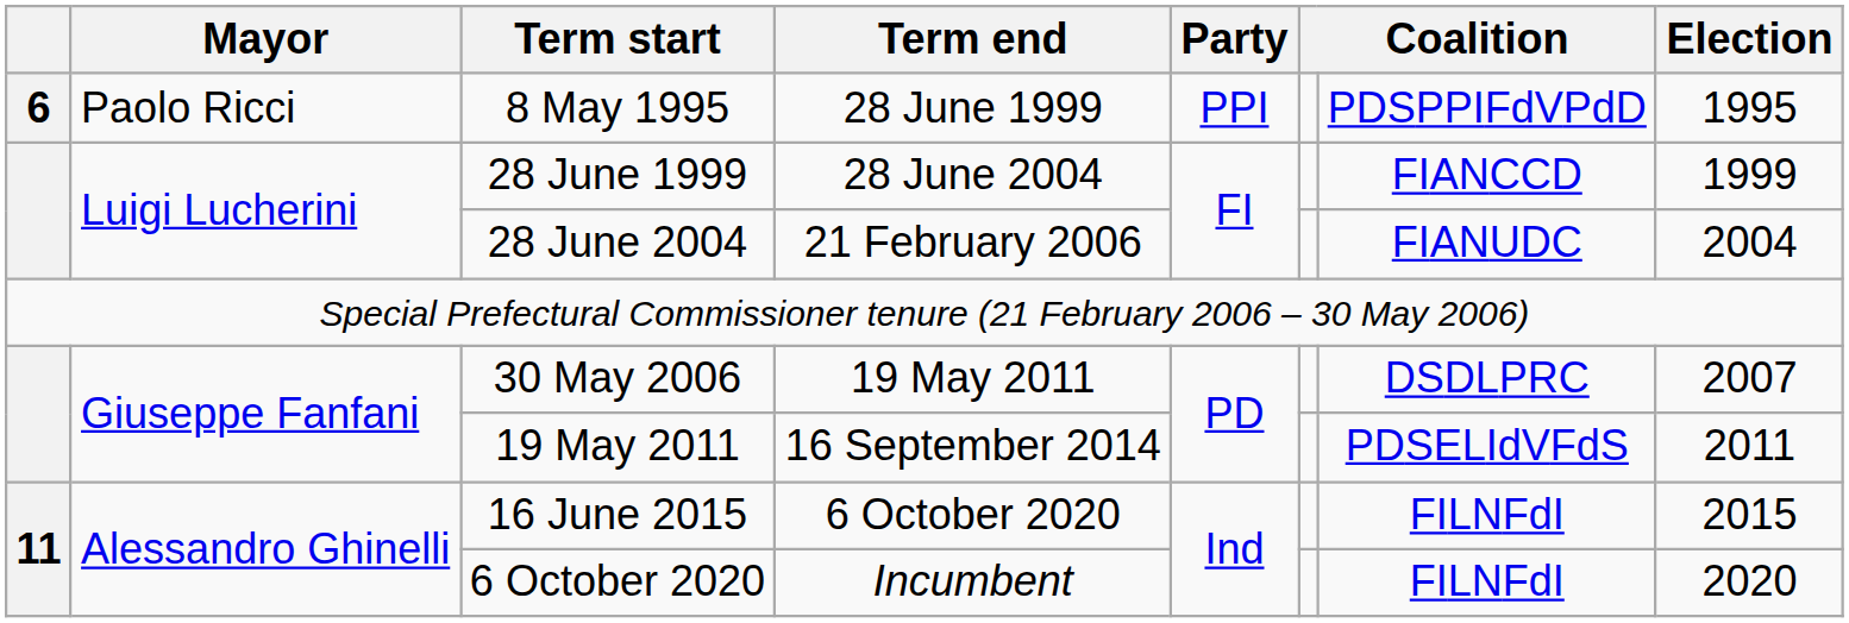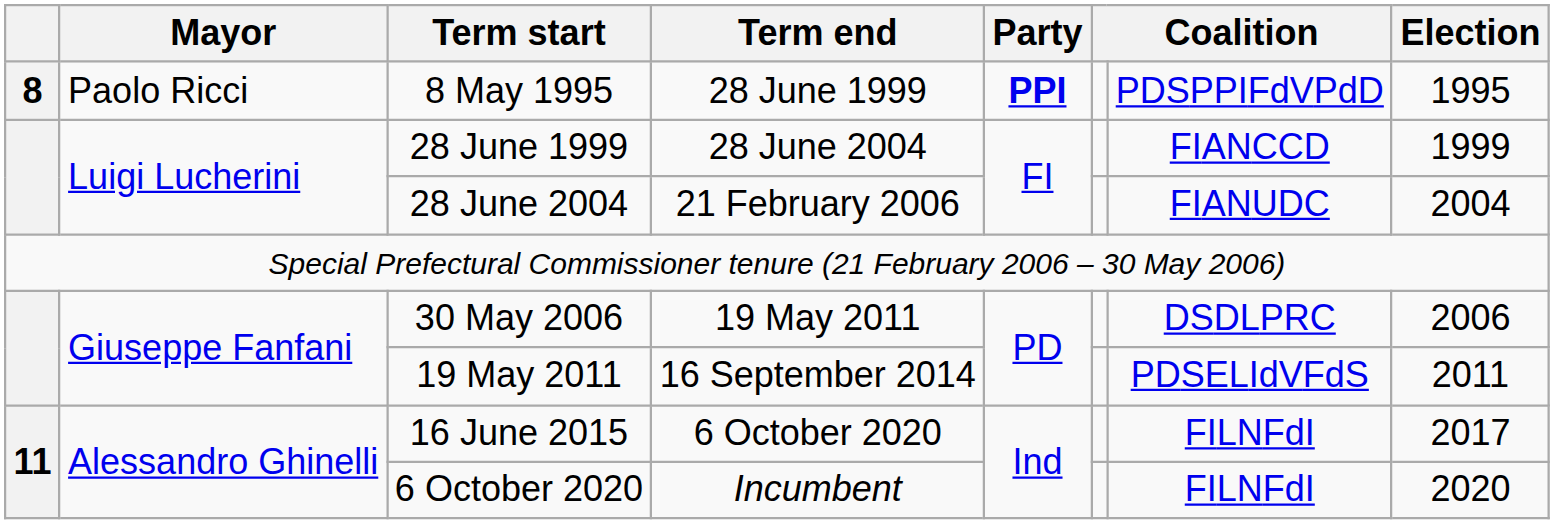 <table class="wikitable">
 <tr>
 <th class=unsortable> </th>
 <th>Mayor</th>
 <th>Term start</th>
 <th>Term end</th>
 <th>Party</th>
 <th colspan="2">Coalition</th>
 <th>Election</th>
 </tr>
 <tr>
-<th style="background:"><strong>6</strong></th>
+<th style="background:"><strong>8</strong></th>
 <td>Paolo Ricci</td>
 <td align=center>8 May 1995</td>
 <td align=center>28 June 1999</td>
-<td align=center><a href='#'>PPI</a></td>
+<td align=center><strong><a href='#'>PPI</a></strong></td>
 <td style="background: "></td>
 <td align=center><a href='#'>PDS</a><a href='#'>PPI</a><a href='#'>FdV</a><a href='#'>PdD</a></td>
 <td align=center>1995</td>
 </tr>
 <tr>
 <th rowspan=2 style="background:"></th>
 <td rowspan=2><a href='#'>Luigi Lucherini</a></td>
 <td align=center>28 June 1999</td>
 <td align=center>28 June 2004</td>
 <td rowspan=2 align=center><a href='#'>FI</a></td>
 <td style="background: "></td>
 <td align=center><a href='#'>FI</a><a href='#'>AN</a><a href='#'>CCD</a></td>
 <td align=center>1999</td>
 </tr>
 <tr>
 <td align=center>28 June 2004</td>
 <td align=center>21 February 2006</td>
 <td style="background: "></td>
 <td align=center><a href='#'>FI</a><a href='#'>AN</a><a href='#'>UDC</a></td>
 <td align=center>2004</td>
 </tr>
 <tr>
 <td colspan=8 align=center><small><em>Special Prefectural Commissioner tenure (21 February 2006 – 30 May 2006)</em></small></td>
 </tr>
 <tr>
 <th rowspan=2 style="background:"></th>
 <td rowspan=2><a href='#'>Giuseppe Fanfani</a></td>
 <td align=center>30 May 2006</td>
 <td align=center>19 May 2011</td>
 <td rowspan=2 align=center><a href='#'>PD</a></td>
 <td style="background: "></td>
 <td align=center><a href='#'>DS</a><a href='#'>DL</a><a href='#'>PRC</a></td>
-<td align=center>2007</td>
+<td align=center>2006</td>
 </tr>
 <tr>
 <td align=center>19 May 2011</td>
 <td align=center>16 September 2014</td>
 <td style="background: "></td>
 <td align=center><a href='#'>PD</a><a href='#'>SEL</a><a href='#'>IdV</a><a href='#'>FdS</a></td>
 <td align=center>2011</td>
 </tr>
 <tr>
 <th rowspan=2 style="background:"><strong>11</strong></th>
 <td rowspan=2><a href='#'>Alessandro Ghinelli</a></td>
 <td align=center>16 June 2015</td>
 <td align=center>6 October 2020</td>
 <td rowspan=2 align=center><a href='#'>Ind</a></td>
 <td style="background: "></td>
 <td align=center><a href='#'>FI</a><a href='#'>LN</a><a href='#'>FdI</a></td>
-<td align=center>2015</td>
+<td align=center>2017</td>
 </tr>
 <tr>
 <td align=center>6 October 2020</td>
 <td align=center><em>Incumbent</em></td>
 <td style="background: "></td>
 <td align=center><a href='#'>FI</a><a href='#'>LN</a><a href='#'>FdI</a></td>
 <td align=center>2020</td>
 </tr>
 </table>
